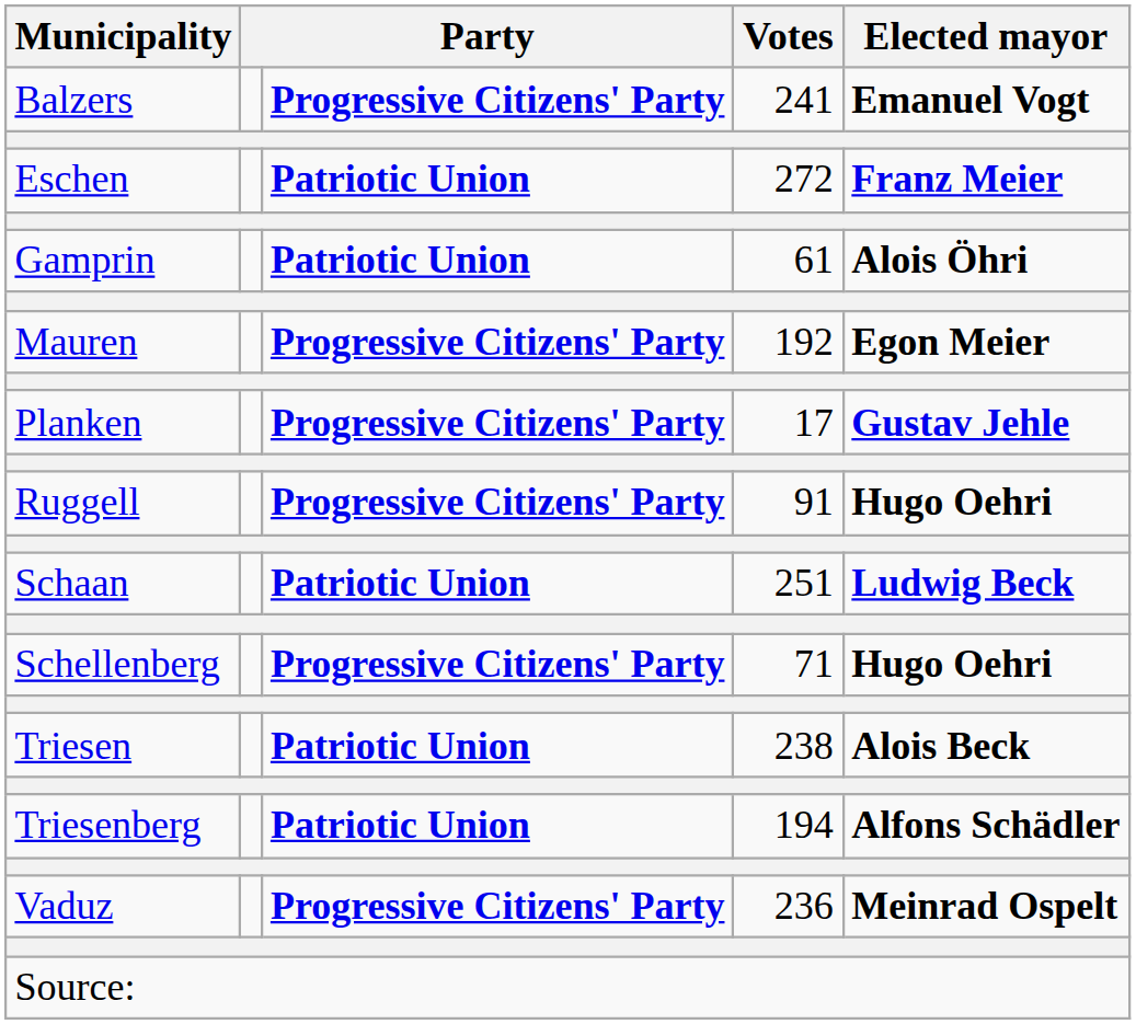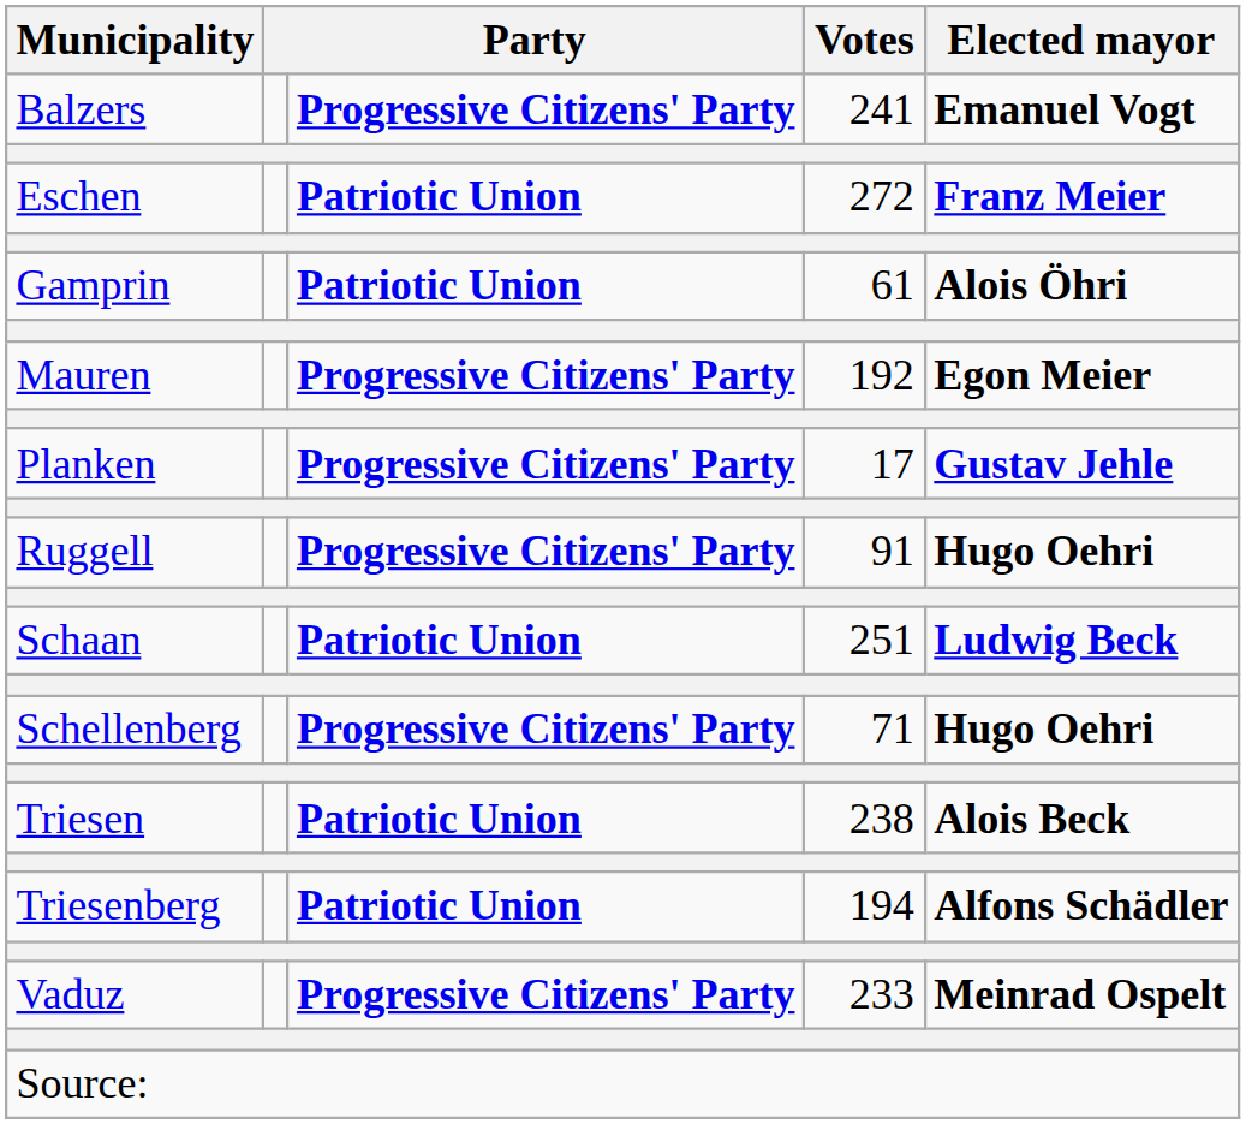 <table class="wikitable" style="text-align:right">
 <tr>
 <th>Municipality</th>
 <th colspan="2">Party</th>
 <th>Votes</th>
 <th>Elected mayor</th>
 </tr>
 <tr>
 <td align="left"><a href='#'>Balzers</a></td>
 <td width="1" style="color:inherit;background:"></td>
 <td align="left"><strong><a href='#'>Progressive Citizens' Party</a></strong></td>
 <td>241</td>
 <td align="left"><strong>Emanuel Vogt</strong></td>
 </tr>
 <tr>
 <th colspan="5"></th>
 </tr>
 <tr>
 <td align="left"><a href='#'>Eschen</a></td>
 <td style="color:inherit;background:"></td>
 <td align="left"><a href='#'><strong>Patriotic Union</strong></a></td>
 <td>272</td>
 <td align="left"><strong><a href='#'>Franz Meier</a></strong></td>
 </tr>
 <tr>
 <th colspan="5"></th>
 </tr>
 <tr>
 <td align="left"><a href='#'>Gamprin</a></td>
 <td style="color:inherit;background:"></td>
 <td align="left"><a href='#'><strong>Patriotic Union</strong></a></td>
 <td>61</td>
 <td align="left"><strong>Alois Öhri</strong></td>
 </tr>
 <tr>
 <th colspan="5"></th>
 </tr>
 <tr>
 <td align="left"><a href='#'>Mauren</a></td>
 <td style="color:inherit;background:"></td>
 <td align="left"><strong><a href='#'>Progressive Citizens' Party</a></strong></td>
 <td>192</td>
 <td align="left"><strong>Egon Meier</strong></td>
 </tr>
 <tr>
 <th colspan="5"></th>
 </tr>
 <tr>
 <td align="left"><a href='#'>Planken</a></td>
 <td style="color:inherit;background:"></td>
 <td align="left"><strong><a href='#'>Progressive Citizens' Party</a></strong></td>
 <td>17</td>
 <td align="left"><strong><a href='#'>Gustav Jehle</a></strong></td>
 </tr>
 <tr>
 <th colspan="5"></th>
 </tr>
 <tr>
 <td align="left"><a href='#'>Ruggell</a></td>
 <td style="color:inherit;background:"></td>
 <td align="left"><strong><a href='#'>Progressive Citizens' Party</a></strong></td>
 <td>91</td>
 <td align="left"><strong>Hugo Oehri</strong></td>
 </tr>
 <tr>
 <th colspan="5"></th>
 </tr>
 <tr>
 <td align="left"><a href='#'>Schaan</a></td>
 <td style="color:inherit;background:"></td>
 <td align="left"><a href='#'><strong>Patriotic Union</strong></a></td>
 <td>251</td>
 <td align="left"><strong><a href='#'>Ludwig Beck</a></strong></td>
 </tr>
 <tr>
 <th colspan="5"></th>
 </tr>
 <tr>
 <td align="left"><a href='#'>Schellenberg</a></td>
 <td style="color:inherit;background:"></td>
 <td align="left"><strong><a href='#'>Progressive Citizens' Party</a></strong></td>
 <td>71</td>
 <td align="left"><strong>Hugo Oehri</strong></td>
 </tr>
 <tr>
 <th colspan="5"></th>
 </tr>
 <tr>
 <td align="left"><a href='#'>Triesen</a></td>
 <td style="color:inherit;background:"></td>
 <td align="left"><a href='#'><strong>Patriotic Union</strong></a></td>
 <td>238</td>
 <td align="left"><strong>Alois Beck</strong></td>
 </tr>
 <tr>
 <th colspan="5"></th>
 </tr>
 <tr>
 <td align="left"><a href='#'>Triesenberg</a></td>
 <td style="color:inherit;background:"></td>
 <td align="left"><a href='#'><strong>Patriotic Union</strong></a></td>
 <td>194</td>
 <td align="left"><strong>Alfons Schädler</strong></td>
 </tr>
 <tr>
 <th colspan="5"></th>
 </tr>
 <tr>
 <td align="left"><a href='#'>Vaduz</a></td>
 <td style="color:inherit;background:"></td>
 <td align="left"><strong><a href='#'>Progressive Citizens' Party</a></strong></td>
-<td>236</td>
+<td>233</td>
 <td align="left"><strong>Meinrad Ospelt</strong></td>
 </tr>
 <tr>
 <th colspan="5"></th>
 </tr>
 <tr>
 <td colspan="5" align="left">Source: </td>
 </tr>
 </table>
